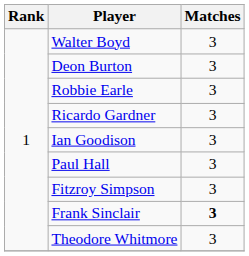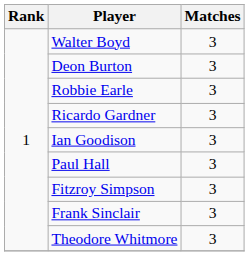 <table class="wikitable" style="text-align: left;">
 <tr>
 <th>Rank</th>
 <th>Player</th>
 <th>Matches</th>
 </tr>
 <tr>
 <td rowspan=9 align=center>1</td>
 <td><a href='#'>Walter Boyd</a></td>
 <td align=center>3</td>
 </tr>
 <tr>
 <td><a href='#'>Deon Burton</a></td>
 <td align=center>3</td>
 </tr>
 <tr>
 <td><a href='#'>Robbie Earle</a></td>
 <td align=center>3</td>
 </tr>
 <tr>
 <td><a href='#'>Ricardo Gardner</a></td>
 <td align=center>3</td>
 </tr>
 <tr>
 <td><a href='#'>Ian Goodison</a></td>
 <td align=center>3</td>
 </tr>
 <tr>
 <td><a href='#'>Paul Hall</a></td>
 <td align=center>3</td>
 </tr>
 <tr>
 <td><a href='#'>Fitzroy Simpson</a></td>
 <td align=center>3</td>
 </tr>
 <tr>
 <td><a href='#'>Frank Sinclair</a></td>
-<td align=center><strong>3</strong></td>
+<td align=center>3</td>
 </tr>
 <tr>
 <td><a href='#'>Theodore Whitmore</a></td>
 <td align=center>3</td>
 </tr>
 <tr>
 </tr>
 </table>
